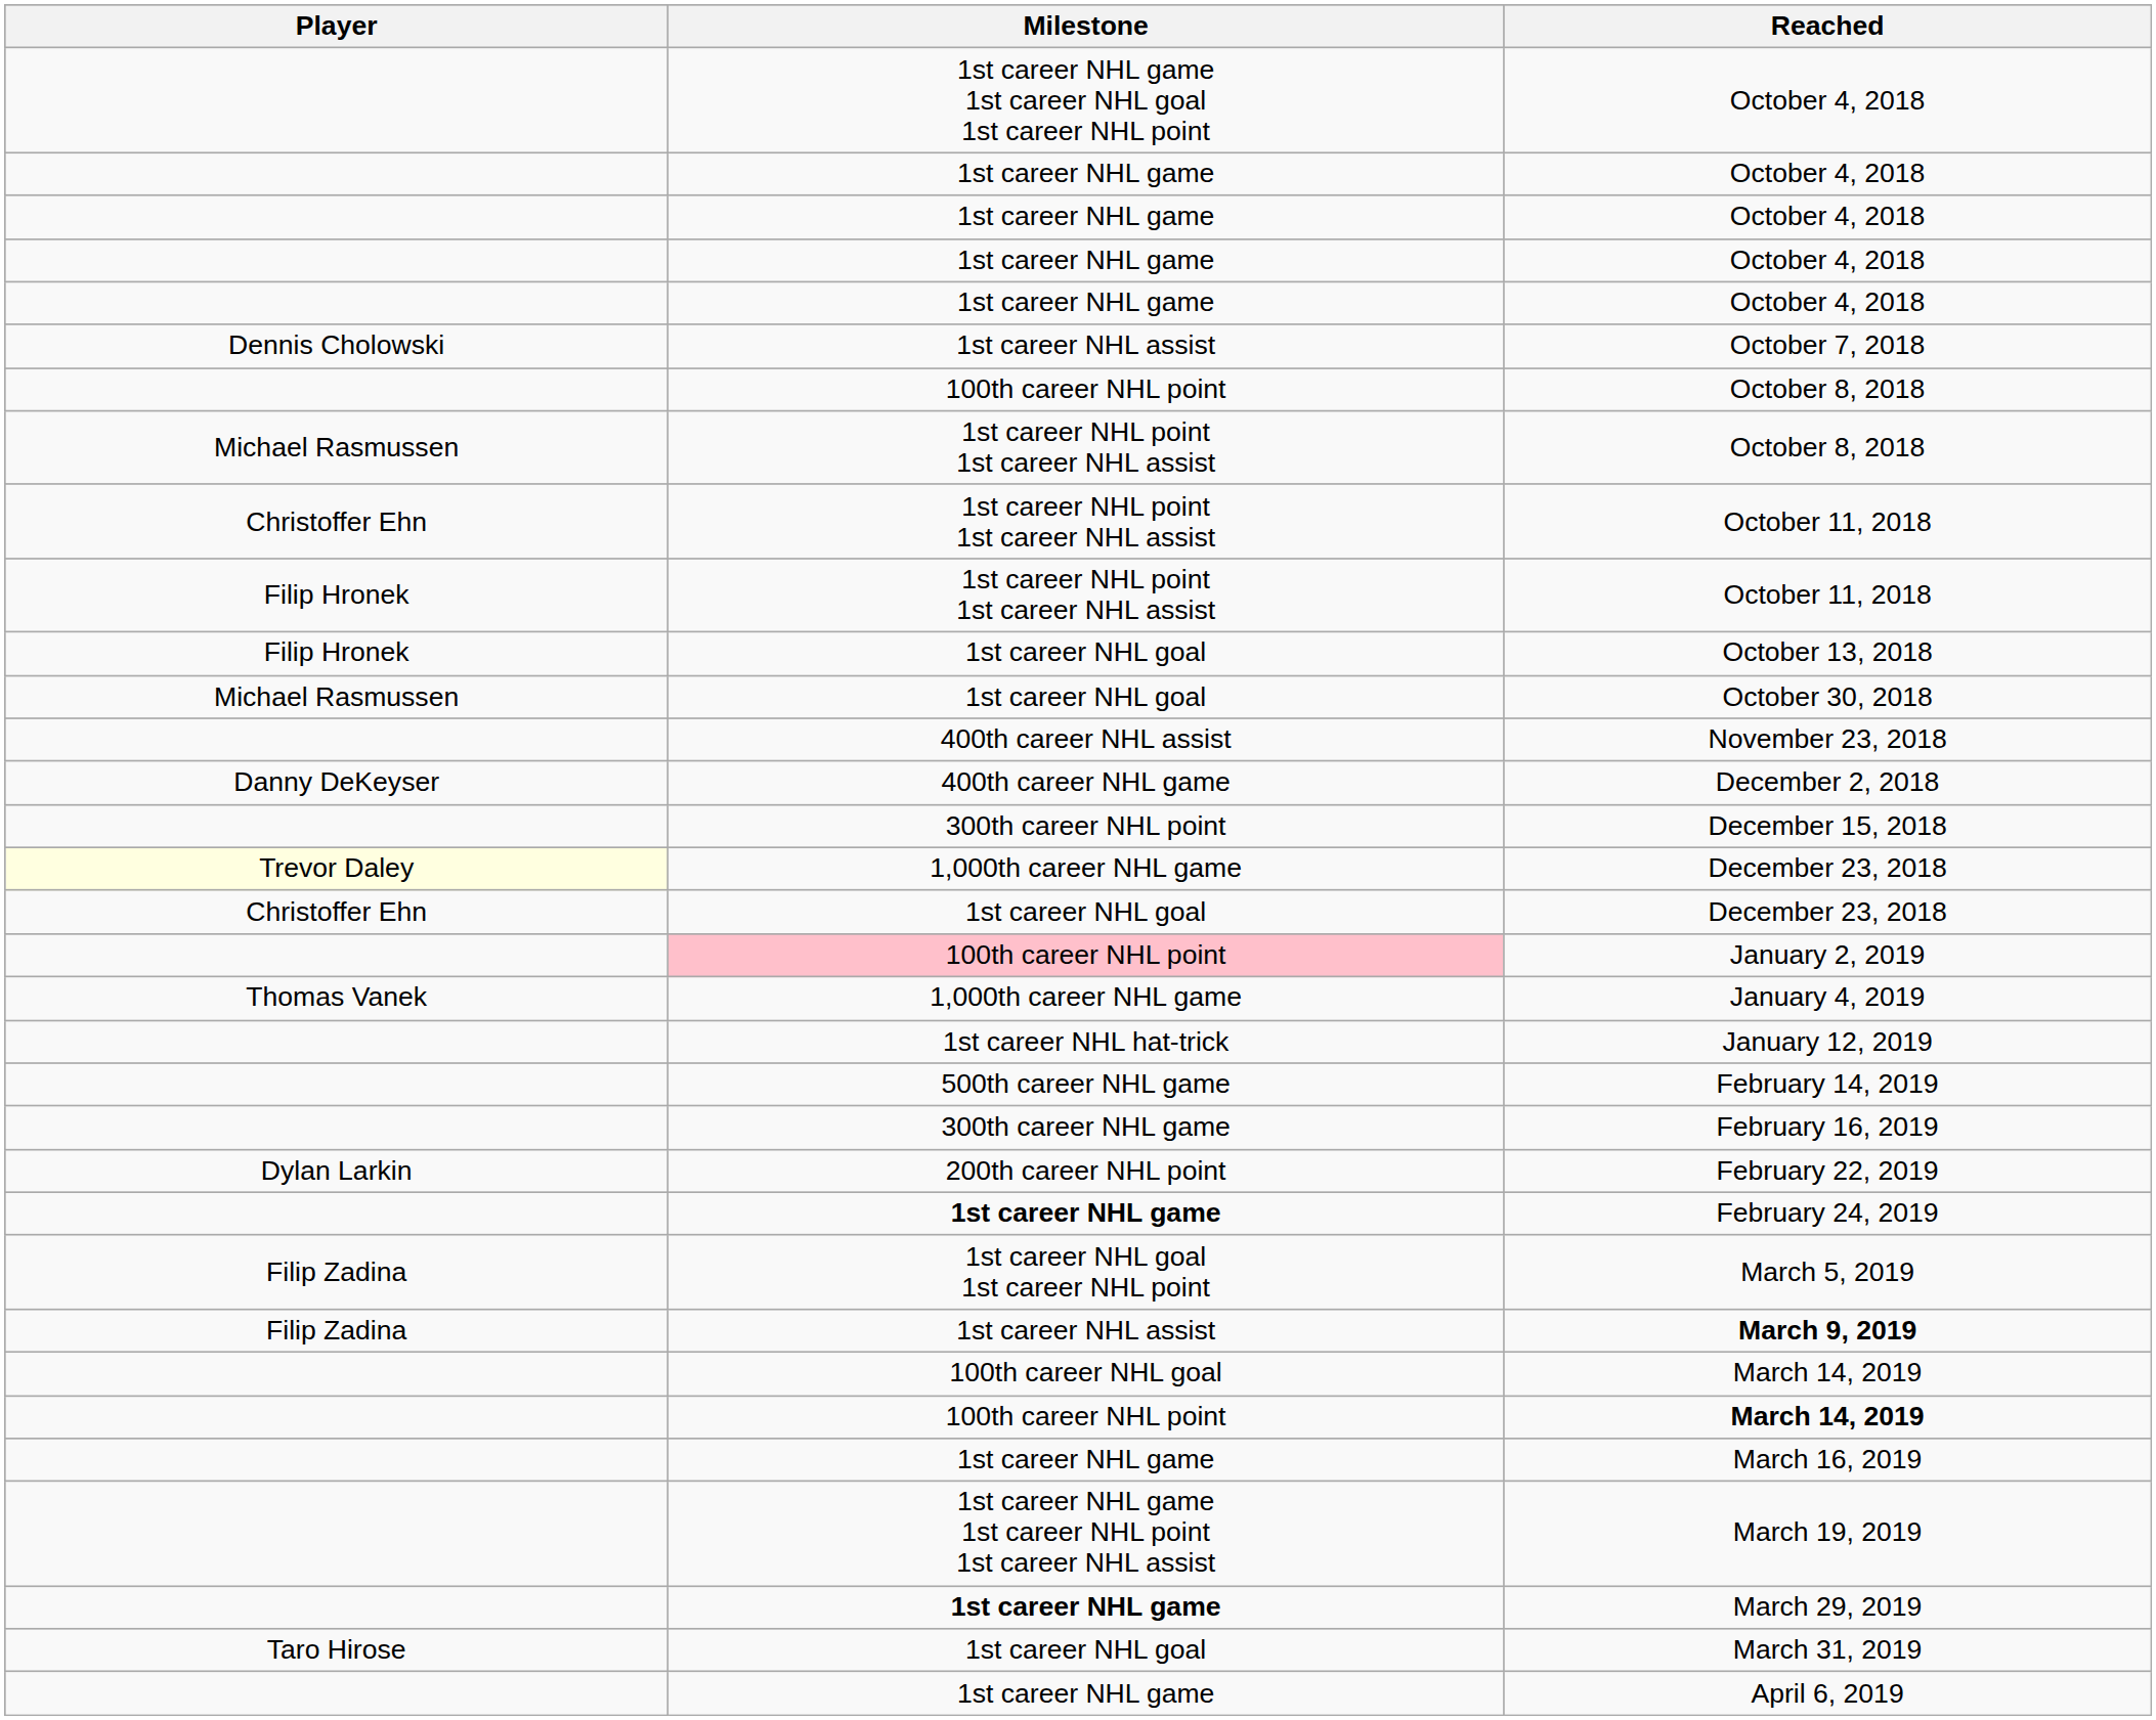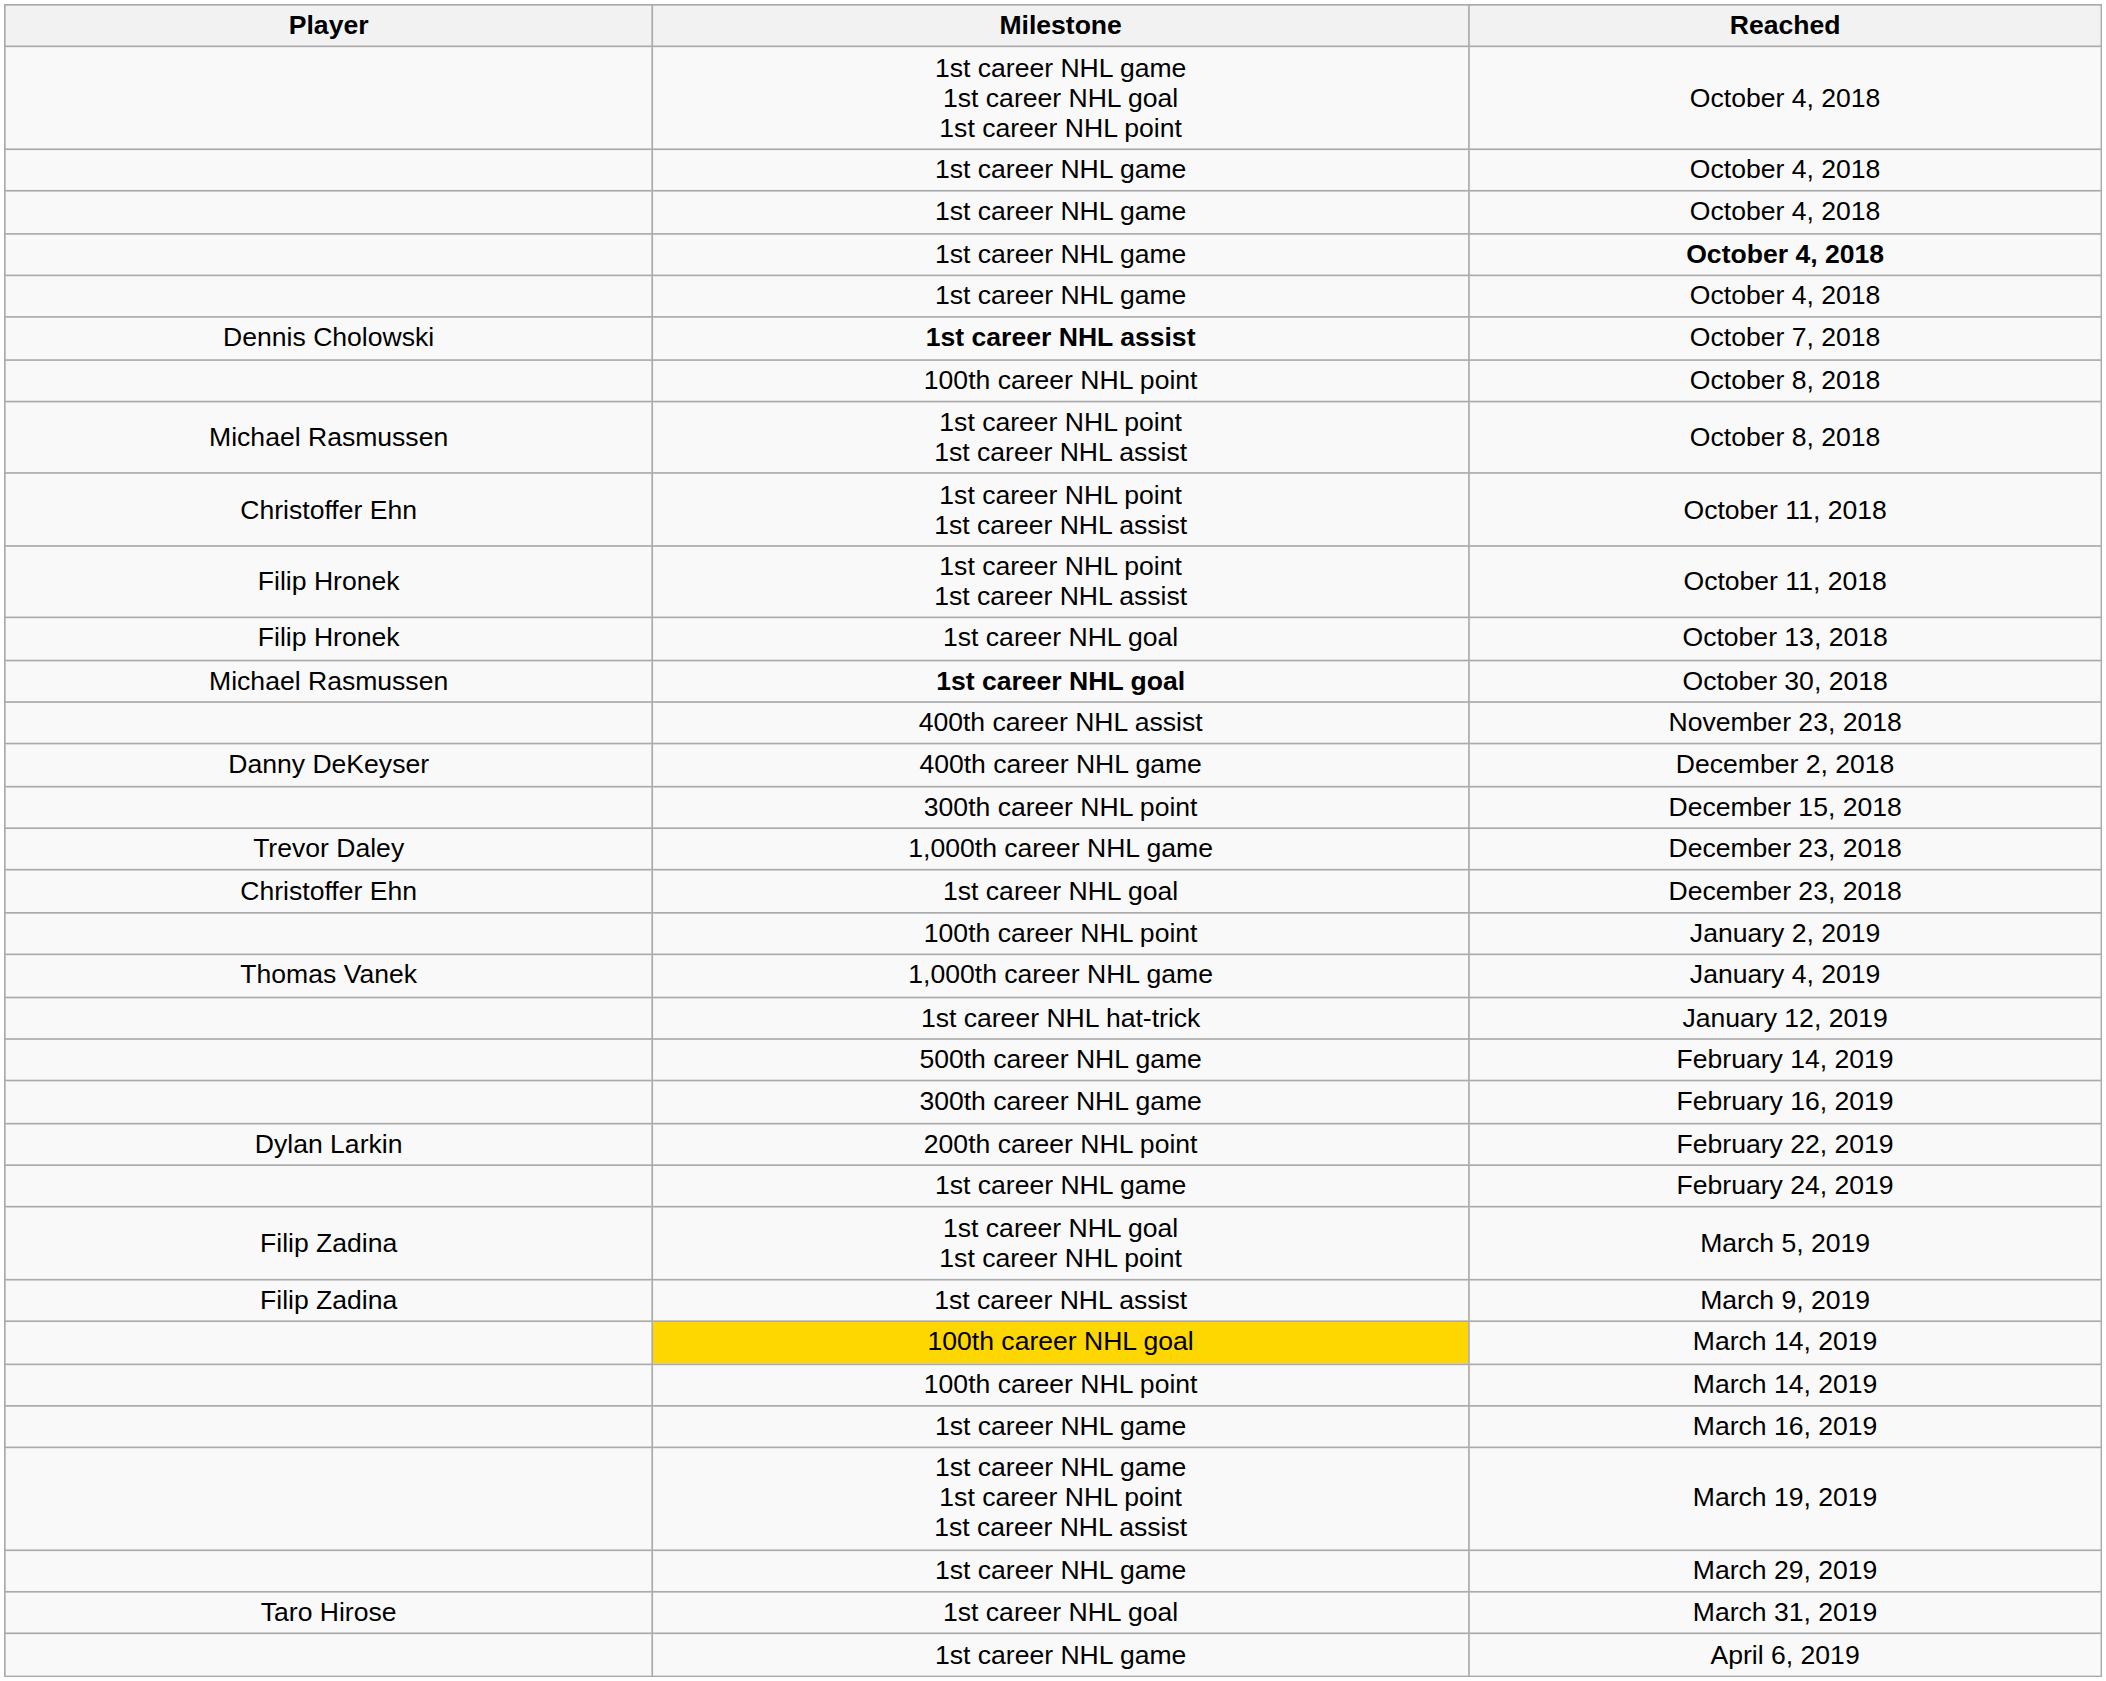 <table class="wikitable sortable" style="width:100%; text-align:center;">
 <tr>
 <th>Player</th>
 <th>Milestone</th>
 <th data-sort-type="date">Reached</th>
 </tr>
 <tr>
 <td></td>
 <td>1st career NHL game<br>1st career NHL goal<br>1st career NHL point</td>
 <td>October 4, 2018</td>
 </tr>
 <tr>
 <td></td>
 <td>1st career NHL game</td>
 <td>October 4, 2018</td>
 </tr>
 <tr>
 <td></td>
 <td>1st career NHL game</td>
 <td>October 4, 2018</td>
 </tr>
 <tr>
 <td></td>
 <td>1st career NHL game</td>
-<td>October 4, 2018</td>
+<td><strong>October 4, 2018</strong></td>
 </tr>
 <tr>
 <td></td>
 <td>1st career NHL game</td>
 <td>October 4, 2018</td>
 </tr>
 <tr>
 <td>Dennis Cholowski</td>
-<td>1st career NHL assist</td>
+<td><strong>1st career NHL assist</strong></td>
 <td>October 7, 2018</td>
 </tr>
 <tr>
 <td></td>
 <td>100th career NHL point</td>
 <td>October 8, 2018</td>
 </tr>
 <tr>
 <td>Michael Rasmussen</td>
 <td>1st career NHL point<br>1st career NHL assist</td>
 <td>October 8, 2018</td>
 </tr>
 <tr>
 <td>Christoffer Ehn</td>
 <td>1st career NHL point<br>1st career NHL assist</td>
 <td>October 11, 2018</td>
 </tr>
 <tr>
 <td>Filip Hronek</td>
 <td>1st career NHL point<br>1st career NHL assist</td>
 <td>October 11, 2018</td>
 </tr>
 <tr>
 <td>Filip Hronek</td>
 <td>1st career NHL goal</td>
 <td>October 13, 2018</td>
 </tr>
 <tr>
 <td>Michael Rasmussen</td>
-<td>1st career NHL goal</td>
+<td><strong>1st career NHL goal</strong></td>
 <td>October 30, 2018</td>
 </tr>
 <tr>
 <td></td>
 <td>400th career NHL assist</td>
 <td>November 23, 2018</td>
 </tr>
 <tr>
 <td>Danny DeKeyser</td>
 <td>400th career NHL game</td>
 <td>December 2, 2018</td>
 </tr>
 <tr>
 <td></td>
 <td>300th career NHL point</td>
 <td>December 15, 2018</td>
 </tr>
 <tr>
-<td style="background: lightyellow;">Trevor Daley</td>
+<td>Trevor Daley</td>
 <td>1,000th career NHL game</td>
 <td>December 23, 2018</td>
 </tr>
 <tr>
 <td>Christoffer Ehn</td>
 <td>1st career NHL goal</td>
 <td>December 23, 2018</td>
 </tr>
 <tr>
 <td></td>
-<td style="background: pink;">100th career NHL point</td>
+<td>100th career NHL point</td>
 <td>January 2, 2019</td>
 </tr>
 <tr>
 <td>Thomas Vanek</td>
 <td>1,000th career NHL game</td>
 <td>January 4, 2019</td>
 </tr>
 <tr>
 <td></td>
 <td>1st career NHL hat-trick</td>
 <td>January 12, 2019</td>
 </tr>
 <tr>
 <td></td>
 <td>500th career NHL game</td>
 <td>February 14, 2019</td>
 </tr>
 <tr>
 <td></td>
 <td>300th career NHL game</td>
 <td>February 16, 2019</td>
 </tr>
 <tr>
 <td>Dylan Larkin</td>
 <td>200th career NHL point</td>
 <td>February 22, 2019</td>
 </tr>
 <tr>
 <td></td>
-<td><strong>1st career NHL game</strong></td>
+<td>1st career NHL game</td>
 <td>February 24, 2019</td>
 </tr>
 <tr>
 <td>Filip Zadina</td>
 <td>1st career NHL goal<br>1st career NHL point</td>
 <td>March 5, 2019</td>
 </tr>
 <tr>
 <td>Filip Zadina</td>
 <td>1st career NHL assist</td>
-<td><strong>March 9, 2019</strong></td>
+<td>March 9, 2019</td>
 </tr>
 <tr>
 <td></td>
-<td>100th career NHL goal</td>
+<td style="background: gold;">100th career NHL goal</td>
 <td>March 14, 2019</td>
 </tr>
 <tr>
 <td></td>
 <td>100th career NHL point</td>
-<td><strong>March 14, 2019</strong></td>
+<td>March 14, 2019</td>
 </tr>
 <tr>
 <td></td>
 <td>1st career NHL game</td>
 <td>March 16, 2019</td>
 </tr>
 <tr>
 <td></td>
 <td>1st career NHL game<br>1st career NHL point<br>1st career NHL assist</td>
 <td>March 19, 2019</td>
 </tr>
 <tr>
 <td></td>
-<td><strong>1st career NHL game</strong></td>
+<td>1st career NHL game</td>
 <td>March 29, 2019</td>
 </tr>
 <tr>
 <td>Taro Hirose</td>
 <td>1st career NHL goal</td>
 <td>March 31, 2019</td>
 </tr>
 <tr>
 <td></td>
 <td>1st career NHL game</td>
 <td>April 6, 2019</td>
 </tr>
 </table>
